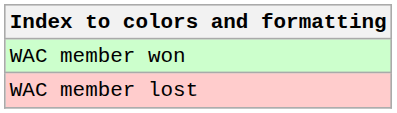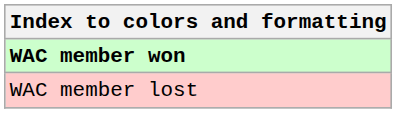 <table class="wikitable">
 <tr>
 <th>Index to colors and formatting</th>
 </tr>
 <tr style="background:#cfc;">
-<td>WAC member won</td>
+<td><strong>WAC member won</strong></td>
 </tr>
 <tr style="background:#fcc;">
 <td>WAC member lost</td>
 </tr>
 </table>
